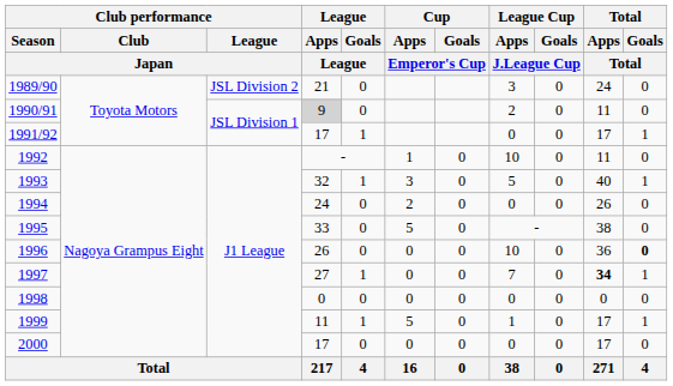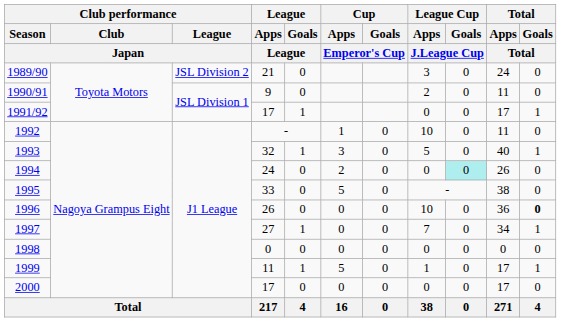 <table class="wikitable" style="text-align:center;">
 <tr>
 <th colspan=3>Club performance</th>
 <th colspan=2>League</th>
 <th colspan=2>Cup</th>
 <th colspan=2>League Cup</th>
 <th colspan=2>Total</th>
 </tr>
 <tr>
 <th>Season</th>
 <th>Club</th>
 <th>League</th>
 <th>Apps</th>
 <th>Goals</th>
 <th>Apps</th>
 <th>Goals</th>
 <th>Apps</th>
 <th>Goals</th>
 <th>Apps</th>
 <th>Goals</th>
 </tr>
 <tr>
 <th colspan=3>Japan</th>
 <th colspan=2>League</th>
 <th colspan=2><a href='#'>Emperor's Cup</a></th>
 <th colspan=2><a href='#'>J.League Cup</a></th>
 <th colspan=2>Total</th>
 </tr>
 <tr>
 <td><a href='#'>1989/90</a></td>
 <td rowspan="3"><a href='#'>Toyota Motors</a></td>
 <td><a href='#'>JSL Division 2</a></td>
 <td>21</td>
 <td>0</td>
 <td></td>
 <td></td>
 <td>3</td>
 <td>0</td>
 <td>24</td>
 <td>0</td>
 </tr>
 <tr>
 <td><a href='#'>1990/91</a></td>
 <td rowspan="2"><a href='#'>JSL Division 1</a></td>
-<td style="background: lightgrey;">9</td>
+<td>9</td>
 <td>0</td>
 <td></td>
 <td></td>
 <td>2</td>
 <td>0</td>
 <td>11</td>
 <td>0</td>
 </tr>
 <tr>
 <td><a href='#'>1991/92</a></td>
 <td>17</td>
 <td>1</td>
 <td></td>
 <td></td>
 <td>0</td>
 <td>0</td>
 <td>17</td>
 <td>1</td>
 </tr>
 <tr>
 <td><a href='#'>1992</a></td>
 <td rowspan="9"><a href='#'>Nagoya Grampus Eight</a></td>
 <td rowspan="9"><a href='#'>J1 League</a></td>
 <td colspan="2">-</td>
 <td>1</td>
 <td>0</td>
 <td>10</td>
 <td>0</td>
 <td>11</td>
 <td>0</td>
 </tr>
 <tr>
 <td><a href='#'>1993</a></td>
 <td>32</td>
 <td>1</td>
 <td>3</td>
 <td>0</td>
 <td>5</td>
 <td>0</td>
 <td>40</td>
 <td>1</td>
 </tr>
 <tr>
 <td><a href='#'>1994</a></td>
 <td>24</td>
 <td>0</td>
 <td>2</td>
 <td>0</td>
 <td>0</td>
-<td>0</td>
+<td style="background: paleturquoise;">0</td>
 <td>26</td>
 <td>0</td>
 </tr>
 <tr>
 <td><a href='#'>1995</a></td>
 <td>33</td>
 <td>0</td>
 <td>5</td>
 <td>0</td>
 <td colspan="2">-</td>
 <td>38</td>
 <td>0</td>
 </tr>
 <tr>
 <td><a href='#'>1996</a></td>
 <td>26</td>
 <td>0</td>
 <td>0</td>
 <td>0</td>
 <td>10</td>
 <td>0</td>
 <td>36</td>
 <td><strong>0</strong></td>
 </tr>
 <tr>
 <td><a href='#'>1997</a></td>
 <td>27</td>
 <td>1</td>
 <td>0</td>
 <td>0</td>
 <td>7</td>
 <td>0</td>
-<td><strong>34</strong></td>
+<td>34</td>
 <td>1</td>
 </tr>
 <tr>
 <td><a href='#'>1998</a></td>
 <td>0</td>
 <td>0</td>
 <td>0</td>
 <td>0</td>
 <td>0</td>
 <td>0</td>
 <td>0</td>
 <td>0</td>
 </tr>
 <tr>
 <td><a href='#'>1999</a></td>
 <td>11</td>
 <td>1</td>
 <td>5</td>
 <td>0</td>
 <td>1</td>
 <td>0</td>
 <td>17</td>
 <td>1</td>
 </tr>
 <tr>
 <td><a href='#'>2000</a></td>
 <td>17</td>
 <td>0</td>
 <td>0</td>
 <td>0</td>
 <td>0</td>
 <td>0</td>
 <td>17</td>
 <td>0</td>
 </tr>
 <tr>
 <th colspan=3>Total</th>
 <th>217</th>
 <th>4</th>
 <th>16</th>
 <th>0</th>
 <th>38</th>
 <th>0</th>
 <th>271</th>
 <th>4</th>
 </tr>
 </table>
